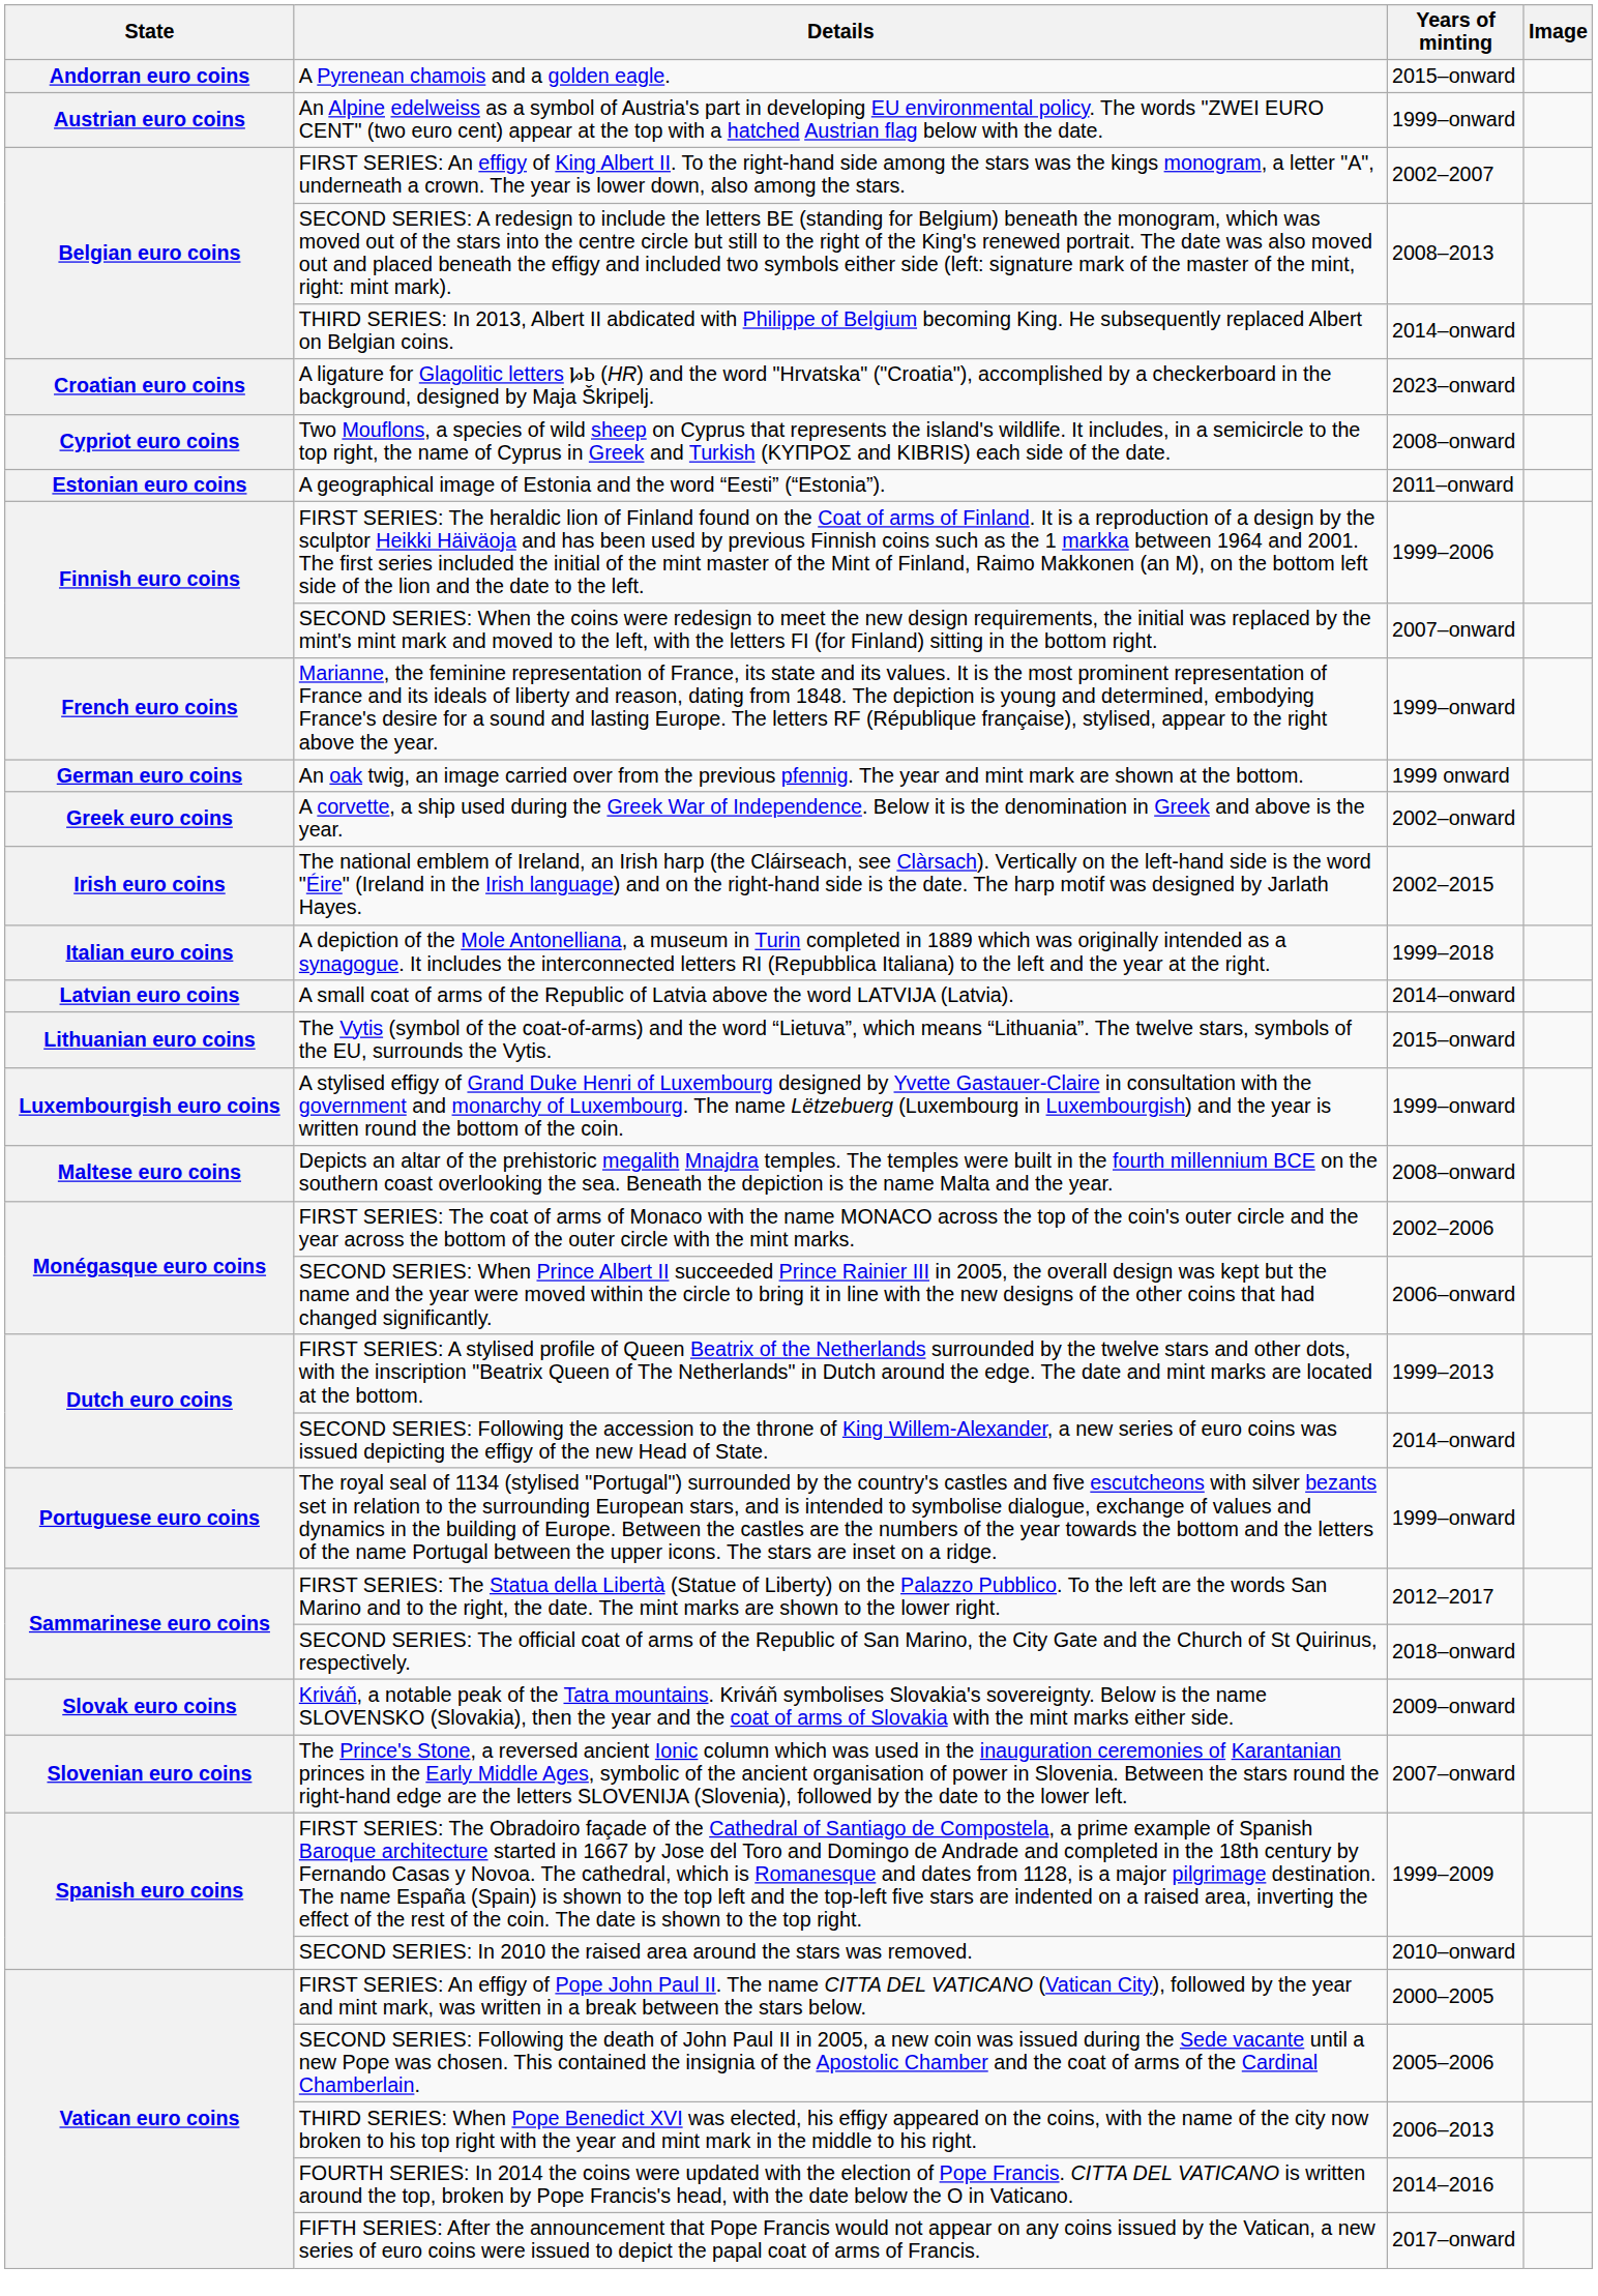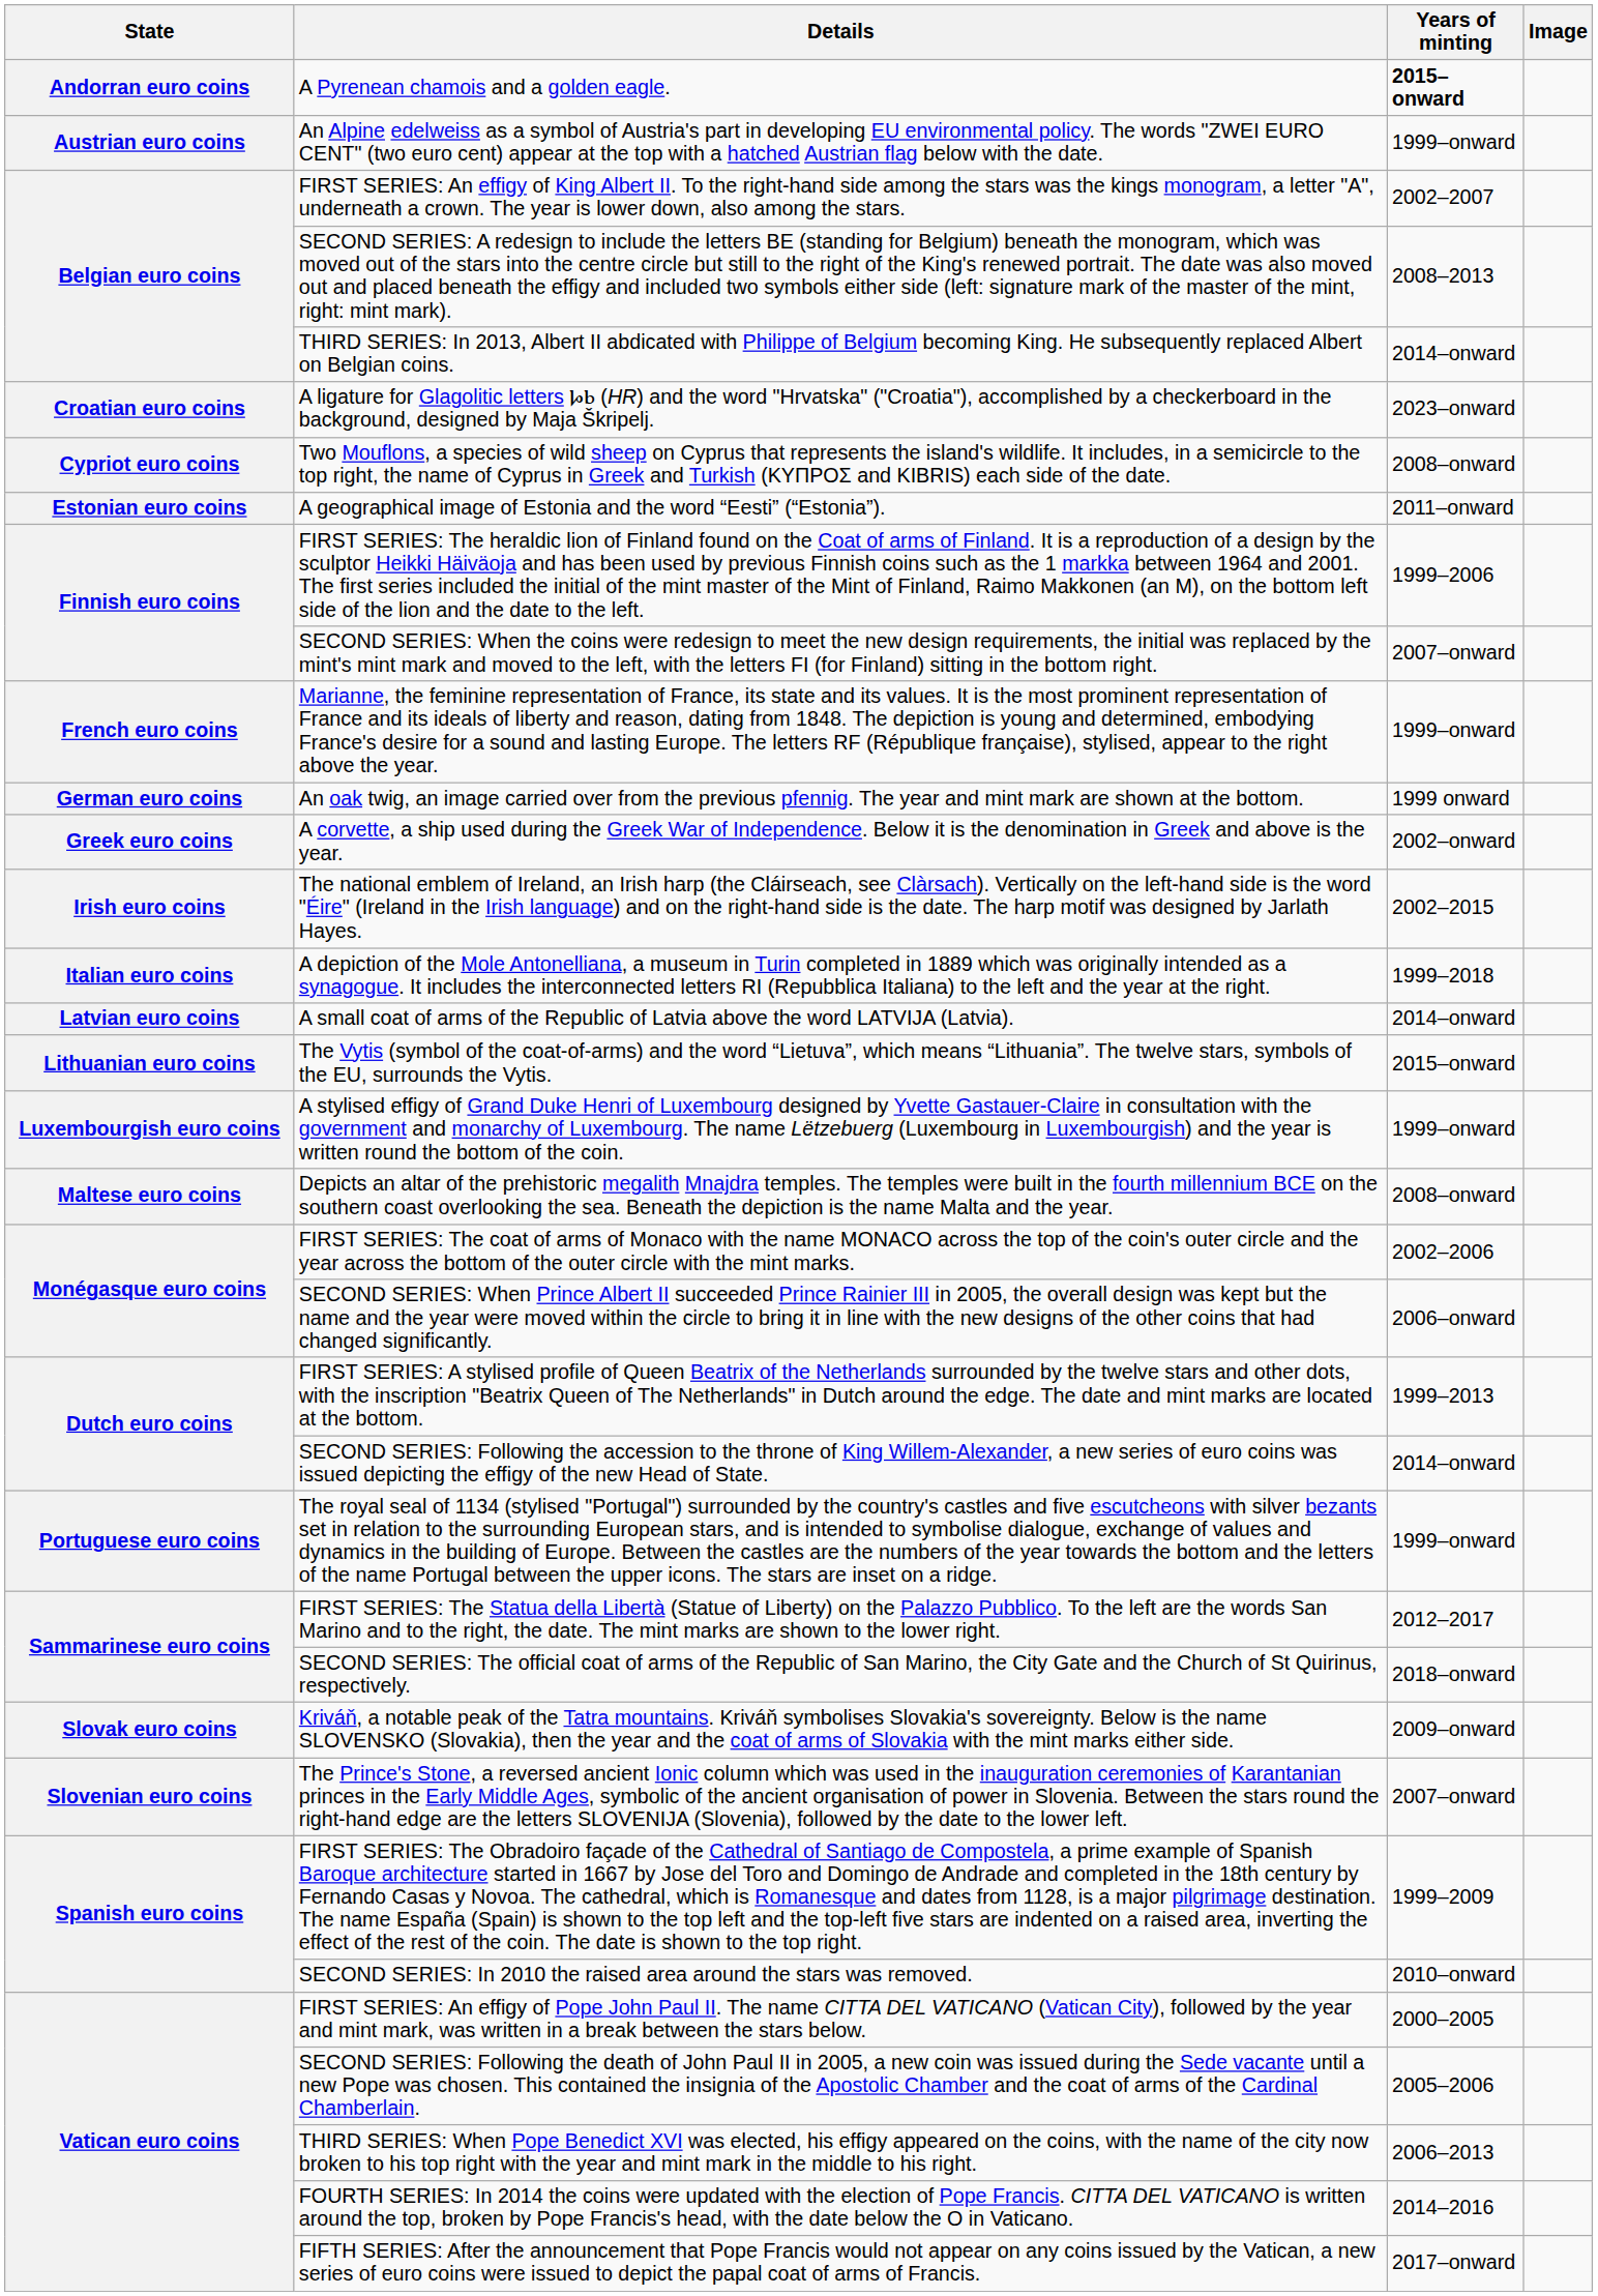 <table class="wikitable">
 <tr>
 <th width=220px>State</th>
 <th>Details</th>
 <th width=100px>Years of minting</th>
 <th>Image</th>
 </tr>
 <tr>
 <th> <a href='#'>Andorran euro coins</a></th>
 <td>A <a href='#'>Pyrenean chamois</a> and a <a href='#'>golden eagle</a>.</td>
-<td>2015–onward</td>
+<td><strong>2015–onward</strong></td>
 <td></td>
 </tr>
 <tr>
 <th> <a href='#'>Austrian euro coins</a></th>
 <td>An <a href='#'>Alpine</a> <a href='#'>edelweiss</a> as a symbol of Austria's part in developing <a href='#'>EU environmental policy</a>. The words "ZWEI EURO CENT" (two euro cent) appear at the top with a <a href='#'>hatched</a> <a href='#'>Austrian flag</a> below with the date.</td>
 <td>1999–onward</td>
 <td></td>
 </tr>
 <tr>
 <th rowspan=3> <a href='#'>Belgian euro coins</a></th>
 <td>FIRST SERIES: An <a href='#'>effigy</a> of <a href='#'>King Albert II</a>. To the right-hand side among the stars was the kings <a href='#'>monogram</a>, a letter "A", underneath a crown. The year is lower down, also among the stars.</td>
 <td>2002–2007</td>
 <td></td>
 </tr>
 <tr>
 <td>SECOND SERIES: A redesign to include the letters BE (standing for Belgium) beneath the monogram, which was moved out of the stars into the centre circle but still to the right of the King's renewed portrait. The date was also moved out and placed beneath the effigy and included two symbols either side (left: signature mark of the master of the mint, right: mint mark).</td>
 <td>2008–2013</td>
 <td></td>
 </tr>
 <tr>
 <td>THIRD SERIES: In 2013, Albert II abdicated with <a href='#'>Philippe of Belgium</a> becoming King. He subsequently replaced Albert on Belgian coins.</td>
 <td>2014–onward</td>
 <td></td>
 </tr>
 <tr>
 <th> <a href='#'>Croatian euro coins</a></th>
 <td>A ligature for <a href='#'>Glagolitic letters</a> ⰘⰓ (<em>HR</em>) and the word "Hrvatska" ("Croatia"), accomplished by a checkerboard in the background, designed by Maja Škripelj.</td>
 <td>2023–onward</td>
 <td></td>
 </tr>
 <tr>
 <th> <a href='#'>Cypriot euro coins</a></th>
 <td>Two <a href='#'>Mouflons</a>, a species of wild <a href='#'>sheep</a> on Cyprus that represents the island's wildlife. It includes, in a semicircle to the top right, the name of Cyprus in <a href='#'>Greek</a> and <a href='#'>Turkish</a> (ΚΥΠΡΟΣ and KIBRIS) each side of the date.</td>
 <td>2008–onward</td>
 <td></td>
 </tr>
 <tr>
 <th> <a href='#'>Estonian euro coins</a></th>
 <td>A geographical image of Estonia and the word “Eesti” (“Estonia”).</td>
 <td>2011–onward</td>
 <td></td>
 </tr>
 <tr>
 <th rowspan=2> <a href='#'>Finnish euro coins</a></th>
 <td>FIRST SERIES: The heraldic lion of Finland found on the <a href='#'>Coat of arms of Finland</a>. It is a reproduction of a design by the sculptor <a href='#'>Heikki Häiväoja</a> and has been used by previous Finnish coins such as the 1 <a href='#'>markka</a> between 1964 and 2001. The first series included the initial of the mint master of the Mint of Finland, Raimo Makkonen (an M), on the bottom left side of the lion and the date to the left.</td>
 <td>1999–2006</td>
 <td></td>
 </tr>
 <tr>
 <td>SECOND SERIES: When the coins were redesign to meet the new design requirements, the initial was replaced by the mint's mint mark and moved to the left, with the letters FI (for Finland) sitting in the bottom right.</td>
 <td>2007–onward</td>
 <td></td>
 </tr>
 <tr>
 <th> <a href='#'>French euro coins</a></th>
 <td><a href='#'>Marianne</a>, the feminine representation of France, its state and its values. It is the most prominent representation of France and its ideals of liberty and reason, dating from 1848. The depiction is young and determined, embodying France's desire for a sound and lasting Europe. The letters RF (République française), stylised, appear to the right above the year.</td>
 <td>1999–onward</td>
 <td></td>
 </tr>
 <tr>
 <th> <a href='#'>German euro coins</a></th>
 <td>An <a href='#'>oak</a> twig, an image carried over from the previous <a href='#'>pfennig</a>. The year and mint mark are shown at the bottom.</td>
 <td>1999 onward</td>
 <td></td>
 </tr>
 <tr>
 <th> <a href='#'>Greek euro coins</a></th>
 <td>A <a href='#'>corvette</a>, a ship used during the <a href='#'>Greek War of Independence</a>. Below it is the denomination in <a href='#'>Greek</a> and above is the year.</td>
 <td>2002–onward</td>
 <td></td>
 </tr>
 <tr>
 <th> <a href='#'>Irish euro coins</a></th>
 <td>The national emblem of Ireland, an Irish harp (the Cláirseach, see <a href='#'>Clàrsach</a>). Vertically on the left-hand side is the word "<a href='#'>Éire</a>" (Ireland in the <a href='#'>Irish language</a>) and on the right-hand side is the date. The harp motif was designed by Jarlath Hayes.</td>
 <td>2002–2015</td>
 <td></td>
 </tr>
 <tr>
 <th> <a href='#'>Italian euro coins</a></th>
 <td>A depiction of the <a href='#'>Mole Antonelliana</a>, a museum in <a href='#'>Turin</a> completed in 1889 which was originally intended as a <a href='#'>synagogue</a>. It includes the interconnected letters RI (Repubblica Italiana) to the left and the year at the right.</td>
 <td>1999–2018</td>
 <td></td>
 </tr>
 <tr>
 <th> <a href='#'>Latvian euro coins</a></th>
 <td>A small coat of arms of the Republic of Latvia above the word LATVIJA (Latvia).</td>
 <td>2014–onward</td>
 <td></td>
 </tr>
 <tr>
 <th> <a href='#'>Lithuanian euro coins</a></th>
 <td>The <a href='#'>Vytis</a> (symbol of the coat-of-arms) and the word “Lietuva”, which means “Lithuania”. The twelve stars, symbols of the EU, surrounds the Vytis.</td>
 <td>2015–onward</td>
 <td></td>
 </tr>
 <tr>
 <th> <a href='#'>Luxembourgish euro coins</a></th>
 <td>A stylised effigy of <a href='#'>Grand Duke Henri of Luxembourg</a> designed by <a href='#'>Yvette Gastauer-Claire</a> in consultation with the <a href='#'>government</a> and <a href='#'>monarchy of Luxembourg</a>.  The name <em>Lëtzebuerg</em> (Luxembourg in <a href='#'>Luxembourgish</a>) and the year is written round the bottom of the coin.</td>
 <td>1999–onward</td>
 <td></td>
 </tr>
 <tr>
 <th> <a href='#'>Maltese euro coins</a></th>
 <td>Depicts an altar of the prehistoric <a href='#'>megalith</a> <a href='#'>Mnajdra</a> temples. The temples were built in the <a href='#'>fourth millennium BCE</a> on the southern coast overlooking the sea. Beneath the depiction is the name Malta and the year.</td>
 <td>2008–onward</td>
 <td></td>
 </tr>
 <tr>
 <th rowspan=2> <a href='#'>Monégasque euro coins</a></th>
 <td>FIRST SERIES: The coat of arms of Monaco with the name MONACO across the top of the coin's outer circle and the year across the bottom of the outer circle with the mint marks.</td>
 <td>2002–2006</td>
 <td></td>
 </tr>
 <tr>
 <td>SECOND SERIES: When <a href='#'>Prince Albert II</a> succeeded <a href='#'>Prince Rainier III</a> in 2005, the overall design was kept but the name and the year were moved within the circle to bring it in line with the new designs of the other coins that had changed significantly.</td>
 <td>2006–onward</td>
 <td></td>
 </tr>
 <tr>
 <th rowspan=2> <a href='#'>Dutch euro coins</a></th>
 <td>FIRST SERIES: A stylised profile of Queen <a href='#'>Beatrix of the Netherlands</a> surrounded by the twelve stars and other dots, with the inscription "Beatrix Queen of The Netherlands" in Dutch around the edge. The date and mint marks are located at the bottom.</td>
 <td>1999–2013</td>
 <td></td>
 </tr>
 <tr>
 <td>SECOND SERIES: Following the accession to the throne of <a href='#'>King Willem-Alexander</a>, a new series of euro coins was issued depicting the effigy of the new Head of State.</td>
 <td>2014–onward</td>
 <td></td>
 </tr>
 <tr>
 <th> <a href='#'>Portuguese euro coins</a></th>
 <td>The royal seal of 1134 (stylised "Portugal") surrounded by the country's castles and five <a href='#'>escutcheons</a> with silver <a href='#'>bezants</a> set in relation to the surrounding European stars, and is intended to symbolise dialogue, exchange of values and dynamics in the building of Europe. Between the castles are the numbers of the year towards the bottom and the letters of the name Portugal between the upper icons. The stars are inset on a ridge.</td>
 <td>1999–onward</td>
 <td></td>
 </tr>
 <tr>
 <th rowspan=2> <a href='#'>Sammarinese euro coins</a></th>
 <td>FIRST SERIES: The <a href='#'>Statua della Libertà</a> (Statue of Liberty) on the <a href='#'>Palazzo Pubblico</a>. To the left are the words San Marino and to the right, the date. The mint marks are shown to the lower right.</td>
 <td>2012–2017</td>
 <td></td>
 </tr>
 <tr>
 <td>SECOND SERIES: The official coat of arms of the Republic of San Marino, the City Gate and the Church of St Quirinus, respectively.</td>
 <td>2018–onward</td>
 <td></td>
 </tr>
 <tr>
 <th> <a href='#'>Slovak euro coins</a></th>
 <td><a href='#'>Kriváň</a>, a notable peak of the <a href='#'>Tatra mountains</a>. Kriváň symbolises Slovakia's sovereignty. Below is the name SLOVENSKO (Slovakia), then the year and the <a href='#'>coat of arms of Slovakia</a> with the mint marks either side.</td>
 <td>2009–onward</td>
 <td></td>
 </tr>
 <tr>
 <th> <a href='#'>Slovenian euro coins</a></th>
 <td>The <a href='#'>Prince's Stone</a>, a reversed ancient <a href='#'>Ionic</a> column which was used in the <a href='#'>inauguration ceremonies of</a> <a href='#'>Karantanian</a> princes in the <a href='#'>Early Middle Ages</a>, symbolic of the ancient organisation of power in Slovenia. Between the stars round the right-hand edge are the letters SLOVENIJA (Slovenia), followed by the date to the lower left.</td>
 <td>2007–onward</td>
 <td></td>
 </tr>
 <tr>
 <th rowspan=2> <a href='#'>Spanish euro coins</a></th>
 <td>FIRST SERIES: The Obradoiro façade of the <a href='#'>Cathedral of Santiago de Compostela</a>, a prime example of Spanish <a href='#'>Baroque architecture</a> started in 1667 by Jose del Toro and Domingo de Andrade and completed in the 18th century by Fernando Casas y Novoa. The cathedral, which is <a href='#'>Romanesque</a> and dates from 1128, is a major <a href='#'>pilgrimage</a> destination. The name España (Spain) is shown to the top left and the top-left five stars are indented on a raised area, inverting the effect of the rest of the coin. The date is shown to the top right.</td>
 <td>1999–2009</td>
 <td></td>
 </tr>
 <tr>
 <td>SECOND SERIES: In 2010 the raised area around the stars was removed.</td>
 <td>2010–onward</td>
 <td></td>
 </tr>
 <tr>
 <th rowspan=5> <a href='#'>Vatican euro coins</a></th>
 <td>FIRST SERIES: An effigy of <a href='#'>Pope John Paul II</a>. The name <em>CITTA DEL VATICANO</em> (<a href='#'>Vatican City</a>), followed by the year and mint mark, was written in a break between the stars below.</td>
 <td>2000–2005</td>
 <td></td>
 </tr>
 <tr>
 <td>SECOND SERIES: Following the death of John Paul II in 2005, a new coin was issued during the <a href='#'>Sede vacante</a> until a new Pope was chosen. This contained the insignia of the <a href='#'>Apostolic Chamber</a> and the coat of arms of the <a href='#'>Cardinal Chamberlain</a>.</td>
 <td>2005–2006</td>
 <td></td>
 </tr>
 <tr>
 <td>THIRD SERIES: When <a href='#'>Pope Benedict XVI</a> was elected, his effigy appeared on the coins, with the name of the city now broken to his top right with the year and mint mark in the middle to his right.</td>
 <td>2006–2013</td>
 <td></td>
 </tr>
 <tr>
 <td>FOURTH SERIES: In 2014 the coins were updated with the election of <a href='#'>Pope Francis</a>. <em>CITTA DEL VATICANO</em> is written around the top, broken by Pope Francis's head, with the date below the O in Vaticano.</td>
 <td>2014–2016</td>
 <td></td>
 </tr>
 <tr>
 <td>FIFTH SERIES: After the announcement that Pope Francis would not appear on any coins issued by the Vatican, a new series of euro coins were issued to depict the papal coat of arms of Francis.</td>
 <td>2017–onward</td>
 <td></td>
 </tr>
 </table>
